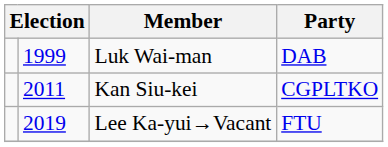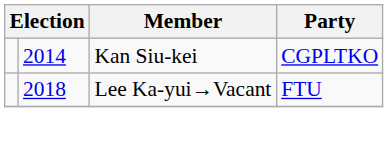 <table class="wikitable">
 <tr>
 <th colspan="2">Election</th>
 <th>Member</th>
 <th>Party</th>
 </tr>
 <tr>
 <td style="background-color: "></td>
-<td><a href='#'>1999</a></td>
-<td>Luk Wai-man</td>
-<td><a href='#'>DAB</a></td>
-</tr>
-<tr>
-<td style="background-color: "></td>
-<td><a href='#'>2011</a></td>
+<td><a href='#'>2014</a></td>
 <td>Kan Siu-kei</td>
 <td><a href='#'>CGPLTKO</a></td>
 </tr>
 <tr>
 <td style="background-color: "></td>
-<td><a href='#'>2019</a></td>
+<td><a href='#'>2018</a></td>
 <td>Lee Ka-yui→Vacant</td>
 <td><a href='#'>FTU</a></td>
 </tr>
 <tr>
 </tr>
 </table>
